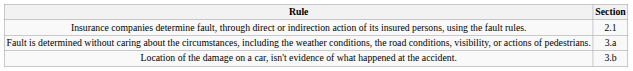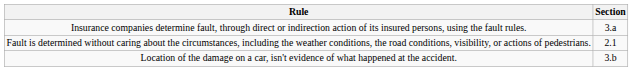 <table class="wikitable">
 <tr>
 <th style="text-align: center;">Rule</th>
 <th style="text-align: center;">Section</th>
 </tr>
 <tr>
 <td style="text-align: center;">Insurance companies determine fault, through direct or indirection action of its insured persons, using the fault rules.</td>
-<td style="text-align: center;">2.1</td>
+<td style="text-align: center;">3.a</td>
 </tr>
 <tr>
 <td style="text-align: center;">Fault is determined without caring about the circumstances, including the weather conditions, the road conditions, visibility, or actions of pedestrians.</td>
-<td style="text-align: center;">3.a</td>
+<td style="text-align: center;">2.1</td>
 </tr>
 <tr>
 <td style="text-align: center;">Location of the damage on a car, isn't evidence of what happened at the accident.</td>
 <td style="text-align: center;">3.b</td>
 </tr>
 </table>
